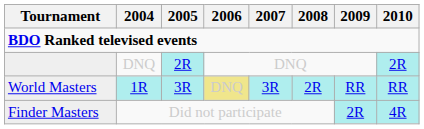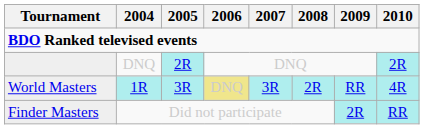 <table class="wikitable" style="width:50%; margin:0">
 <tr>
 <th>Tournament</th>
 <th>2004</th>
 <th>2005</th>
 <th>2006</th>
 <th>2007</th>
 <th>2008</th>
 <th>2009</th>
 <th>2010</th>
 </tr>
 <tr>
 <td colspan="25" align="left"><strong><a href='#'>BDO</a> Ranked televised events</strong></td>
 </tr>
 <tr>
 <td style="background:#efefef;"></td>
 <td style="text-align:center; color:#ccc;">DNQ</td>
 <td style="text-align:center; background:#afeeee;"><a href='#'>2R</a></td>
 <td colspan="4" style="text-align:center; color:#ccc;">DNQ</td>
 <td style="text-align:center; background:#afeeee;"><a href='#'>2R</a></td>
 </tr>
 <tr>
 <td style="background:#efefef;"><a href='#'>World Masters</a></td>
 <td style="text-align:center; background:#afeeee;"><a href='#'>1R</a></td>
 <td style="text-align:center; background:#afeeee;"><a href='#'>3R</a></td>
 <td style="background: khaki; text-align:center; color:#ccc;">DNQ</td>
 <td style="text-align:center; background:#afeeee;"><a href='#'>3R</a></td>
 <td style="text-align:center; background:#afeeee;"><a href='#'>2R</a></td>
 <td style="text-align:center; background:#afeeee;"><a href='#'>RR</a></td>
-<td style="text-align:center; background:#afeeee;"><a href='#'>RR</a></td>
+<td style="text-align:center; background:#afeeee;"><a href='#'>4R</a></td>
 </tr>
 <tr>
 <td style="background:#efefef;"><a href='#'>Finder Masters</a></td>
 <td colspan="5" style="text-align:center; color:#ccc;">Did not participate</td>
 <td style="text-align:center; background:#afeeee;"><a href='#'>2R</a></td>
-<td style="text-align:center; background:#afeeee;"><a href='#'>4R</a></td>
+<td style="text-align:center; background:#afeeee;"><a href='#'>RR</a></td>
 </tr>
 </table>
